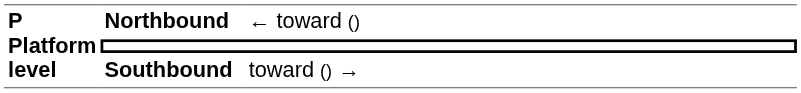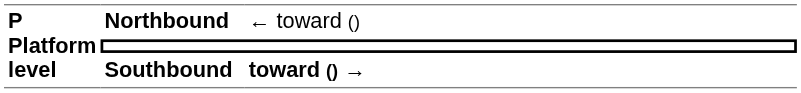 <table table border=0 cellspacing=0 cellpadding=3>
 <tr>
 <td style="border-top:solid 1px gray;border-bottom:solid 1px gray;" width=50 rowspan=3 valign=top><strong>P<br>Platform level</strong></td>
 <td style="border-top:solid 1px gray;" width=100><strong>Northbound</strong></td>
 <td style="border-top:solid 1px gray;" width=400>←  toward  <small>()</small></td>
 </tr>
 <tr>
 <td style="border-top:solid 2px black;border-right:solid 2px black;border-left:solid 2px black;border-bottom:solid 2px black;text-align:center;" colspan=2></td>
 </tr>
 <tr>
 <td style="border-bottom:solid 1px gray;"><strong>Southbound</strong></td>
-<td style="border-bottom:solid 1px gray;"> toward  <small>()</small> →</td>
+<td style="border-bottom:solid 1px gray;"><strong> toward  <small>()</small> →</strong></td>
 </tr>
 </table>
